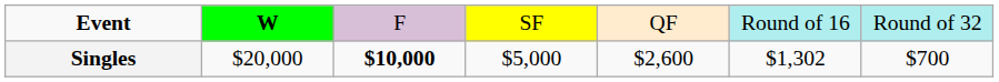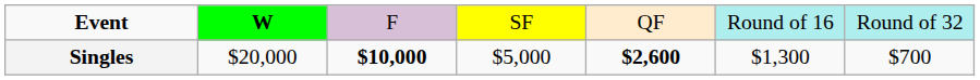 <table class=wikitable style=font-size:95%;text-align:center>
 <tr>
 <td style="width:130px"><strong>Event</strong></td>
 <td style="width:85px; background:lime"><strong>W</strong></td>
 <td style="width:85px; background:thistle">F</td>
 <td style="width:85px; background:#ffff00">SF</td>
 <td style="width:85px; background:#ffebcd">QF</td>
 <td style="width:85px; background:#afeeee">Round of 16</td>
 <td style="width:85px; background:#afeeee">Round of 32</td>
 </tr>
 <tr>
 <th style=background:#f3f3f3>Singles </th>
 <td>$20,000</td>
 <td><strong>$10,000</strong></td>
 <td>$5,000</td>
-<td>$2,600</td>
-<td>$1,302</td>
+<td><strong>$2,600</strong></td>
+<td>$1,300</td>
 <td>$700</td>
 </tr>
 </table>
